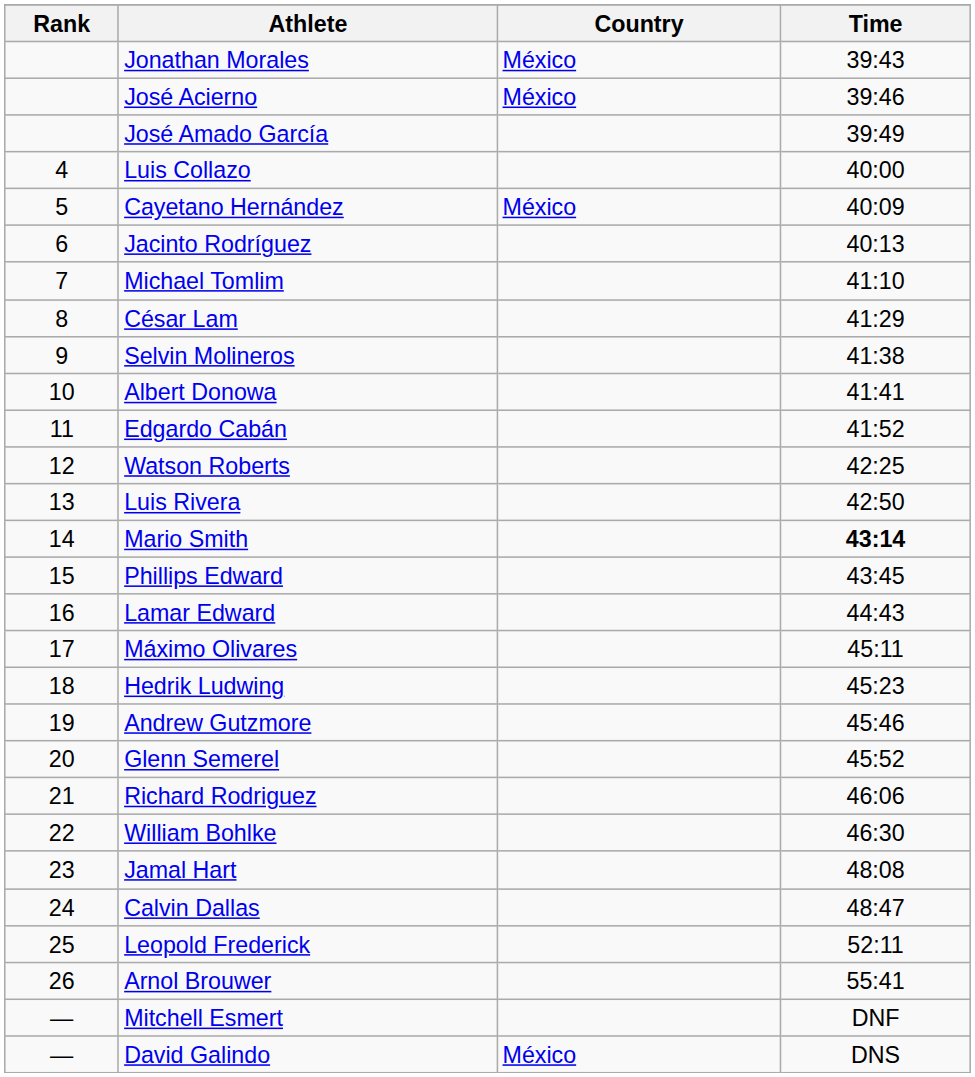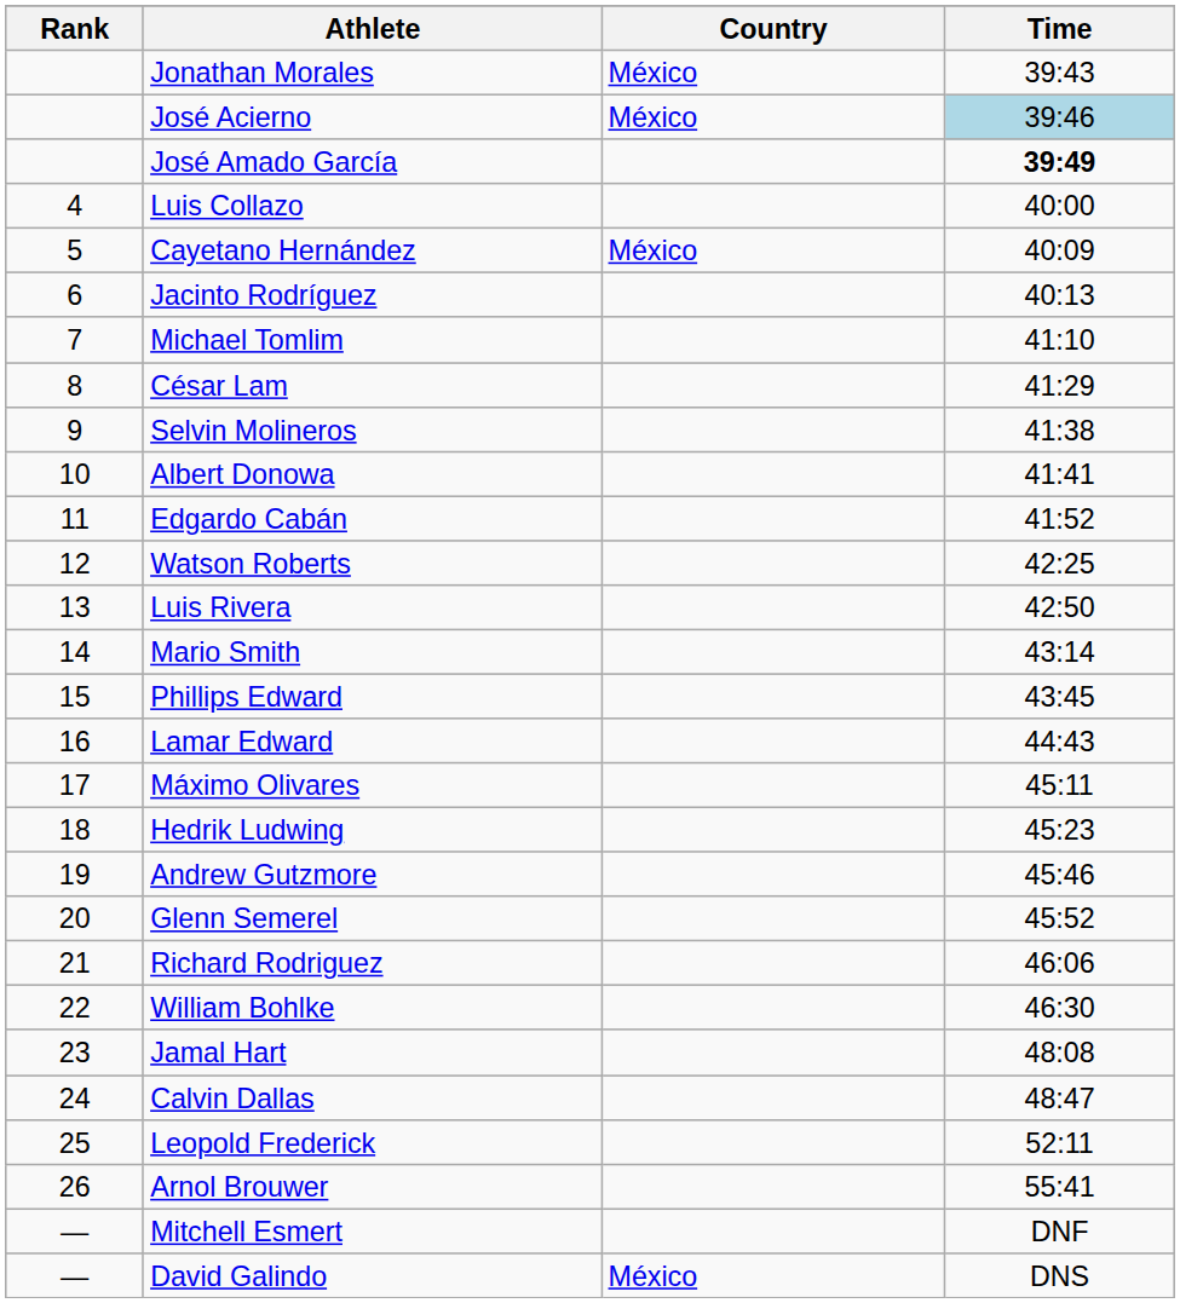 <table class="wikitable sortable" style=" text-align:center; font-size:95%;" width="50%">
 <tr>
 </tr>
 <tr>
 <th width=5%>Rank</th>
 <th width=20%>Athlete</th>
 <th width=15%>Country</th>
 <th width=10%>Time</th>
 </tr>
 <tr>
 <td align=center></td>
 <td align=left><a href='#'>Jonathan Morales</a></td>
 <td align=left> <a href='#'>México</a></td>
 <td>39:43</td>
 </tr>
 <tr>
 <td align=center></td>
 <td align=left><a href='#'>José Acierno</a></td>
 <td align=left> <a href='#'>México</a></td>
-<td>39:46</td>
+<td style="background: lightblue;">39:46</td>
 </tr>
 <tr>
 <td align=center></td>
 <td align=left><a href='#'>José Amado García</a></td>
 <td align=left></td>
-<td>39:49</td>
+<td><strong>39:49</strong></td>
 </tr>
 <tr>
 <td align=center>4</td>
 <td align=left><a href='#'>Luis Collazo</a></td>
 <td align=left></td>
 <td>40:00</td>
 </tr>
 <tr>
 <td align=center>5</td>
 <td align=left><a href='#'>Cayetano Hernández</a></td>
 <td align=left> <a href='#'>México</a></td>
 <td>40:09</td>
 </tr>
 <tr>
 <td align=center>6</td>
 <td align=left><a href='#'>Jacinto Rodríguez</a></td>
 <td align=left></td>
 <td>40:13</td>
 </tr>
 <tr>
 <td align=center>7</td>
 <td align=left><a href='#'>Michael Tomlim</a></td>
 <td align=left></td>
 <td>41:10</td>
 </tr>
 <tr>
 <td align=center>8</td>
 <td align=left><a href='#'>César Lam</a></td>
 <td align=left></td>
 <td>41:29</td>
 </tr>
 <tr>
 <td align=center>9</td>
 <td align=left><a href='#'>Selvin Molineros</a></td>
 <td align=left></td>
 <td>41:38</td>
 </tr>
 <tr>
 <td align=center>10</td>
 <td align=left><a href='#'>Albert Donowa</a></td>
 <td align=left></td>
 <td>41:41</td>
 </tr>
 <tr>
 <td align=center>11</td>
 <td align=left><a href='#'>Edgardo Cabán</a></td>
 <td align=left></td>
 <td>41:52</td>
 </tr>
 <tr>
 <td align=center>12</td>
 <td align=left><a href='#'>Watson Roberts</a></td>
 <td align=left></td>
 <td>42:25</td>
 </tr>
 <tr>
 <td align=center>13</td>
 <td align=left><a href='#'>Luis Rivera</a></td>
 <td align=left></td>
 <td>42:50</td>
 </tr>
 <tr>
 <td align=center>14</td>
 <td align=left><a href='#'>Mario Smith</a></td>
 <td align=left></td>
-<td><strong>43:14</strong></td>
+<td>43:14</td>
 </tr>
 <tr>
 <td align=center>15</td>
 <td align=left><a href='#'>Phillips Edward</a></td>
 <td align=left></td>
 <td>43:45</td>
 </tr>
 <tr>
 <td align=center>16</td>
 <td align=left><a href='#'>Lamar Edward</a></td>
 <td align=left></td>
 <td>44:43</td>
 </tr>
 <tr>
 <td align=center>17</td>
 <td align=left><a href='#'>Máximo Olivares</a></td>
 <td align=left></td>
 <td>45:11</td>
 </tr>
 <tr>
 <td align=center>18</td>
 <td align=left><a href='#'>Hedrik Ludwing</a></td>
 <td align=left></td>
 <td>45:23</td>
 </tr>
 <tr>
 <td align=center>19</td>
 <td align=left><a href='#'>Andrew Gutzmore</a></td>
 <td align=left></td>
 <td>45:46</td>
 </tr>
 <tr>
 <td align=center>20</td>
 <td align=left><a href='#'>Glenn Semerel</a></td>
 <td align=left></td>
 <td>45:52</td>
 </tr>
 <tr>
 <td align=center>21</td>
 <td align=left><a href='#'>Richard Rodriguez</a></td>
 <td align=left></td>
 <td>46:06</td>
 </tr>
 <tr>
 <td align=center>22</td>
 <td align=left><a href='#'>William Bohlke</a></td>
 <td align=left></td>
 <td>46:30</td>
 </tr>
 <tr>
 <td align=center>23</td>
 <td align=left><a href='#'>Jamal Hart</a></td>
 <td align=left></td>
 <td>48:08</td>
 </tr>
 <tr>
 <td align=center>24</td>
 <td align=left><a href='#'>Calvin Dallas</a></td>
 <td align=left></td>
 <td>48:47</td>
 </tr>
 <tr>
 <td align=center>25</td>
 <td align=left><a href='#'>Leopold Frederick</a></td>
 <td align=left></td>
 <td>52:11</td>
 </tr>
 <tr>
 <td align=center>26</td>
 <td align=left><a href='#'>Arnol Brouwer</a></td>
 <td align=left></td>
 <td>55:41</td>
 </tr>
 <tr>
 <td align=center>—</td>
 <td align=left><a href='#'>Mitchell Esmert</a></td>
 <td align=left></td>
 <td>DNF</td>
 </tr>
 <tr>
 <td align=center>—</td>
 <td align=left><a href='#'>David Galindo</a></td>
 <td align=left> <a href='#'>México</a></td>
 <td>DNS</td>
 </tr>
 </table>
